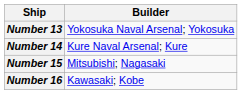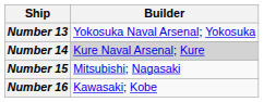 <table class="wikitable plainrowheaders" border="1">
 <tr>
 <th scope="col">Ship</th>
 <th scope="col">Builder</th>
 </tr>
 <tr>
 <th scope="row"><em>Number 13</em></th>
 <td><a href='#'>Yokosuka Naval Arsenal</a>; <a href='#'>Yokosuka</a></td>
 </tr>
 <tr>
 <th scope="row"><em>Number 14</em></th>
-<td><a href='#'>Kure Naval Arsenal</a>; <a href='#'>Kure</a></td>
+<td style="background: lightgrey;"><a href='#'>Kure Naval Arsenal</a>; <a href='#'>Kure</a></td>
 </tr>
 <tr>
 <th scope="row"><em>Number 15</em></th>
 <td><a href='#'>Mitsubishi</a>; <a href='#'>Nagasaki</a></td>
 </tr>
 <tr>
 <th scope="row"><em>Number 16</em></th>
 <td><a href='#'>Kawasaki</a>; <a href='#'>Kobe</a></td>
 </tr>
 </table>
